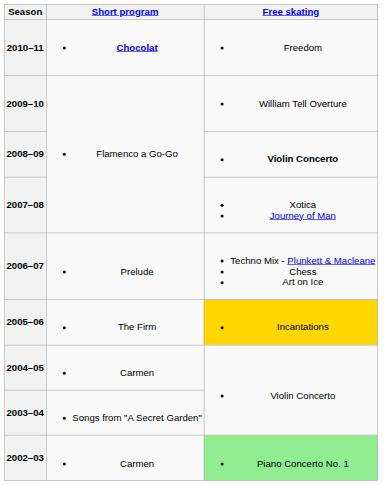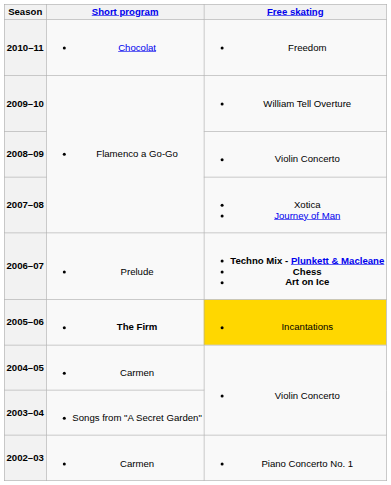 <table class="wikitable" style="text-align:center">
 <tr>
 <th>Season</th>
 <th><a href='#'>Short program</a></th>
 <th><a href='#'>Free skating</a></th>
 </tr>
 <tr>
 <th>2010–11<br> </th>
-<td><strong><br><ul><li><a href='#'>Chocolat</a> <br><br></li></ul></strong></td>
+<td><br><ul><li><a href='#'>Chocolat</a> <br><br></li></ul></td>
 <td><br><ul><li>Freedom <br><br></li></ul></td>
 </tr>
 <tr>
 <th>2009–10<br> </th>
 <td rowspan=3><br><ul><li>Flamenco a Go-Go <br> <br></li></ul></td>
 <td><br><ul><li>William Tell Overture <br><br></li></ul></td>
 </tr>
 <tr>
 <th>2008–09<br> </th>
-<td><strong><br><ul><li>Violin Concerto <br></li></ul></strong></td>
+<td><br><ul><li>Violin Concerto <br></li></ul></td>
 </tr>
 <tr>
 <th>2007–08<br> </th>
 <td><br><ul><li>Xotica <br></li><li><a href='#'>Journey of Man</a> <br></li></ul></td>
 </tr>
 <tr>
 <th>2006–07<br> </th>
 <td><br><ul><li>Prelude <br></li></ul></td>
-<td><br><ul><li>Techno Mix - <a href='#'>Plunkett & Macleane</a></li><li>Chess</li><li>Art on Ice <br></li></ul></td>
+<td><strong><br><ul><li>Techno Mix - <a href='#'>Plunkett & Macleane</a></li><li>Chess</li><li>Art on Ice <br></li></ul></strong></td>
 </tr>
 <tr>
 <th>2005–06<br> </th>
-<td><br><ul><li>The Firm</li></ul></td>
+<td><strong><br><ul><li>The Firm</li></ul></strong></td>
 <td style="background: gold;"><br><ul><li>Incantations</li></ul></td>
 </tr>
 <tr>
 <th>2004–05<br> </th>
 <td><br><ul><li>Carmen <br></li></ul></td>
 <td rowspan=2><br><ul><li>Violin Concerto <br></li></ul></td>
 </tr>
 <tr>
 <th>2003–04<br> </th>
 <td><br><ul><li>Songs from "A Secret Garden"</li></ul></td>
 </tr>
 <tr>
 <th>2002–03<br> </th>
 <td><br><ul><li>Carmen <br></li></ul></td>
-<td style="background: lightgreen;"><br><ul><li>Piano Concerto No. 1 <br></li></ul></td>
+<td><br><ul><li>Piano Concerto No. 1 <br></li></ul></td>
 </tr>
 </table>
